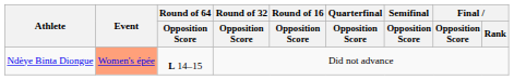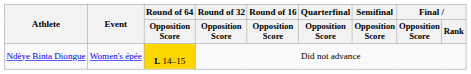 <table class="wikitable" style="font-size:90%">
 <tr>
 <th rowspan="2">Athlete</th>
 <th rowspan="2">Event</th>
 <th>Round of 64</th>
 <th>Round of 32</th>
 <th>Round of 16</th>
 <th>Quarterfinal</th>
 <th>Semifinal</th>
 <th colspan=2>Final / </th>
 </tr>
 <tr style="font-size:95%">
 <th>Opposition <br> Score</th>
 <th>Opposition <br> Score</th>
 <th>Opposition <br> Score</th>
 <th>Opposition <br> Score</th>
 <th>Opposition <br> Score</th>
 <th>Opposition <br> Score</th>
 <th>Rank</th>
 </tr>
 <tr align=center>
 <td align=left><a href='#'>Ndèye Binta Diongue</a></td>
-<td align=left style="background: lightsalmon;"><a href='#'>Women's épée</a></td>
-<td><br><strong>L</strong> 14–15</td>
+<td align=left><a href='#'>Women's épée</a></td>
+<td style="background: gold;"><br><strong>L</strong> 14–15</td>
 <td colspan=6>Did not advance</td>
 </tr>
 </table>
